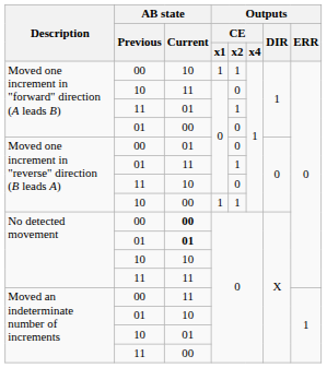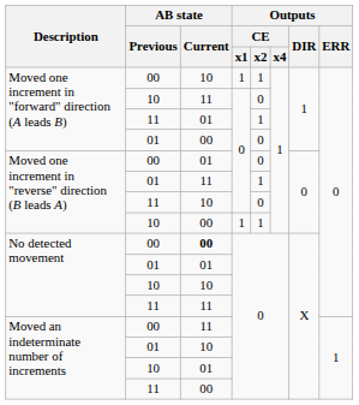 <table class="wikitable mw-collapsible mw-collapsed" style="margin-left:30px; text-align:center">
 <tr>
 <th rowspan="3" style="width:140px">Description</th>
 <th colspan="2">AB state</th>
 <th colspan="5">Outputs</th>
 </tr>
 <tr>
 <th rowspan="2">Previous</th>
 <th rowspan="2">Current</th>
 <th colspan="3">CE</th>
 <th rowspan="2">DIR</th>
 <th rowspan="2">ERR</th>
 </tr>
 <tr>
 <th>x1</th>
 <th>x2</th>
 <th>x4</th>
 </tr>
 <tr>
 <td rowspan="4" style="text-align:left;vertical-align:top">Moved one increment in "forward" direction<br>(<em>A</em> leads <em>B</em>)</td>
 <td>00</td>
 <td>10</td>
 <td>1</td>
 <td>1</td>
 <td rowspan="8">1</td>
 <td rowspan="4">1</td>
 <td rowspan="12">0</td>
 </tr>
 <tr>
 <td>10</td>
 <td>11</td>
 <td rowspan="6">0</td>
 <td>0</td>
 </tr>
 <tr>
 <td>11</td>
 <td>01</td>
 <td>1</td>
 </tr>
 <tr>
 <td>01</td>
 <td>00</td>
 <td>0</td>
 </tr>
 <tr>
 <td rowspan="4" style="text-align:left;vertical-align:top">Moved one increment in "reverse" direction<br>(<em>B</em> leads <em>A</em>)</td>
 <td>00</td>
 <td>01</td>
 <td>0</td>
 <td rowspan="4">0</td>
 </tr>
 <tr>
 <td>01</td>
 <td>11</td>
 <td>1</td>
 </tr>
 <tr>
 <td>11</td>
 <td>10</td>
 <td>0</td>
 </tr>
 <tr>
 <td>10</td>
 <td>00</td>
 <td>1</td>
 <td>1</td>
 </tr>
 <tr>
 <td rowspan="4" style="text-align:left;vertical-align:top">No detected movement</td>
 <td>00</td>
 <td><strong>00</strong></td>
 <td colspan="3" rowspan="8">0</td>
 <td rowspan="8">X</td>
 </tr>
 <tr>
 <td>01</td>
-<td><strong>01</strong></td>
+<td>01</td>
 </tr>
 <tr>
 <td>10</td>
 <td>10</td>
 </tr>
 <tr>
 <td>11</td>
 <td>11</td>
 </tr>
 <tr>
 <td rowspan="4" style="text-align:left;vertical-align:top">Moved an indeterminate number of increments</td>
 <td>00</td>
 <td>11</td>
 <td rowspan="4">1</td>
 </tr>
 <tr>
 <td>01</td>
 <td>10</td>
 </tr>
 <tr>
 <td>10</td>
 <td>01</td>
 </tr>
 <tr>
 <td>11</td>
 <td>00</td>
 </tr>
 </table>
